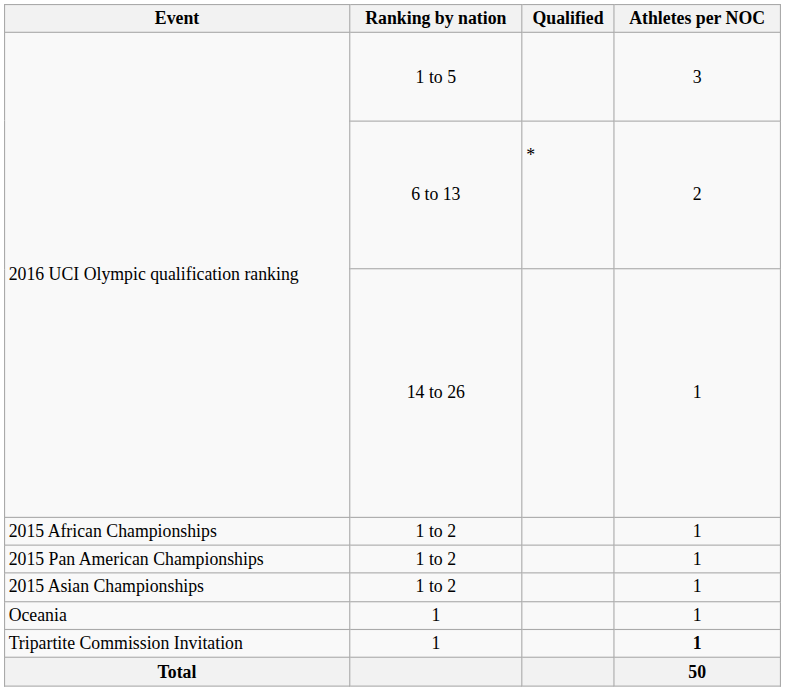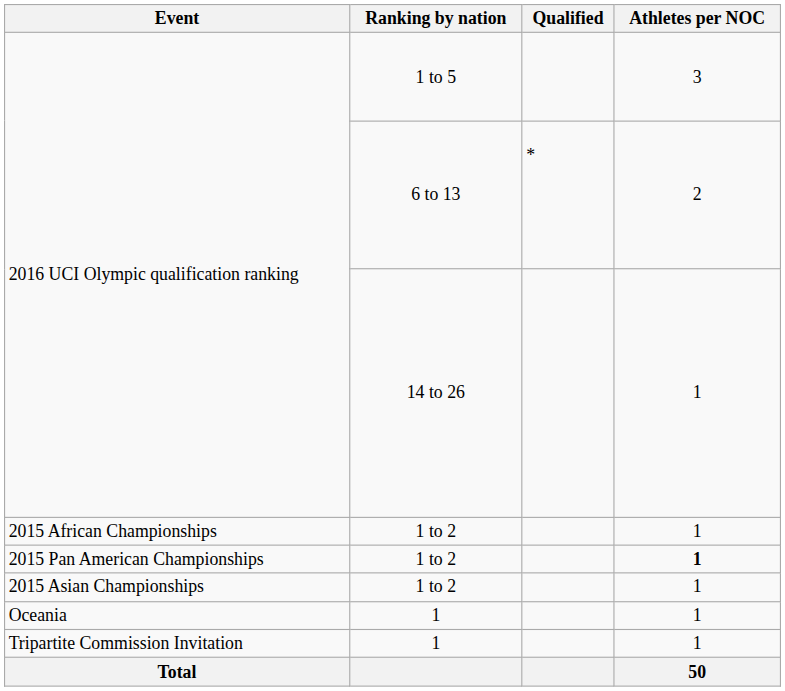 <table class="wikitable"  style="width:700px; text-align:center;">
 <tr>
 <th>Event</th>
 <th>Ranking by nation</th>
 <th>Qualified</th>
 <th>Athletes per NOC</th>
 </tr>
 <tr>
 <td rowspan=3 align=left>2016 UCI Olympic qualification ranking</td>
 <td>1 to 5</td>
 <td align="left"><br><br><br><br></td>
 <td>3</td>
 </tr>
 <tr>
 <td>6 to 13</td>
 <td align="left"><br>*<br><br><br><br><br><br></td>
 <td>2</td>
 </tr>
 <tr>
 <td>14 to 26</td>
 <td align="left"><br><br><br><br><br><br><s></s><br><br><br><br><br><br></td>
 <td>1</td>
 </tr>
 <tr>
 <td align=left>2015 African Championships</td>
 <td>1 to 2</td>
 <td align="left"><br></td>
 <td>1</td>
 </tr>
 <tr>
 <td align=left>2015 Pan American Championships</td>
 <td>1 to 2</td>
 <td align="left"><br></td>
-<td>1</td>
+<td><strong>1</strong></td>
 </tr>
 <tr>
 <td align=left>2015 Asian Championships</td>
 <td>1 to 2</td>
 <td align="left"><br></td>
 <td>1</td>
 </tr>
 <tr>
 <td align=left>Oceania</td>
 <td>1</td>
 <td align="left"></td>
 <td>1</td>
 </tr>
 <tr>
 <td align=left>Tripartite Commission Invitation</td>
 <td>1</td>
 <td align="left"></td>
-<td><strong>1</strong></td>
+<td>1</td>
 </tr>
 <tr>
 <th>Total</th>
 <th></th>
 <th></th>
 <th>50</th>
 </tr>
 </table>
